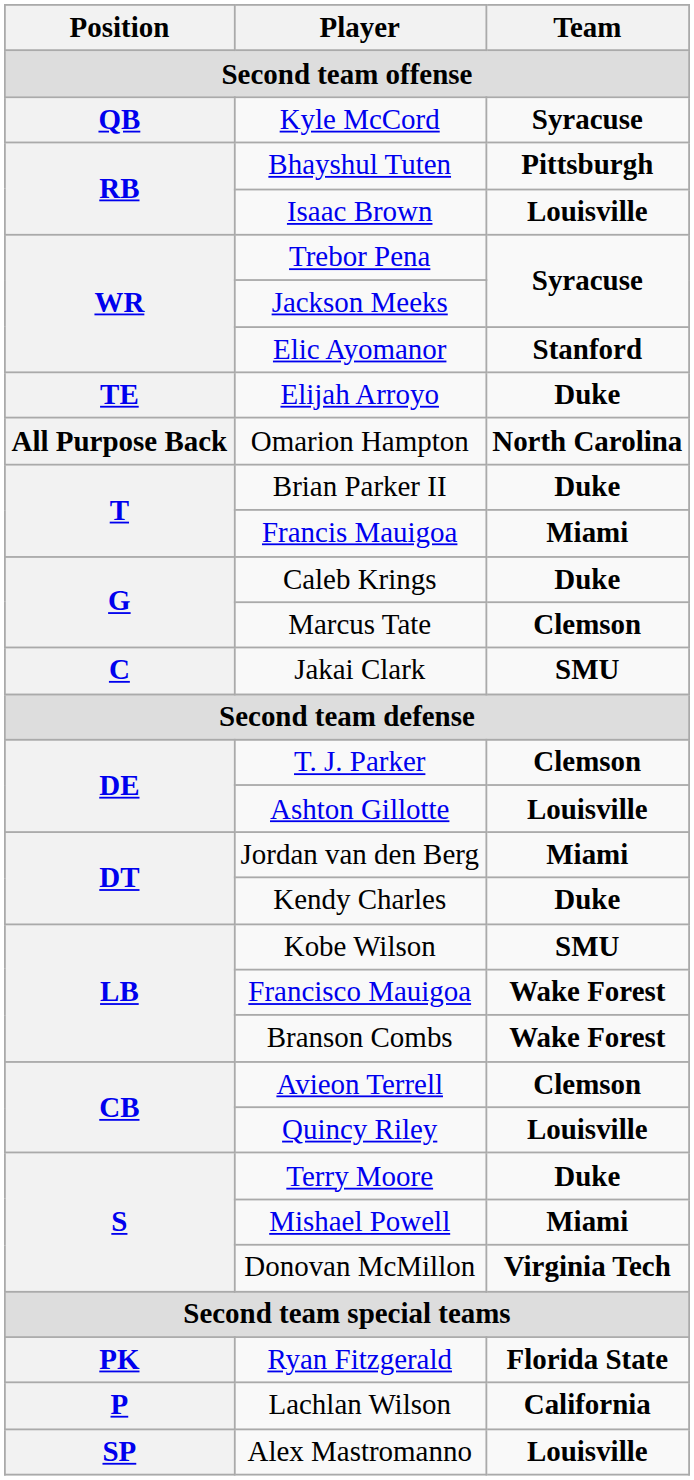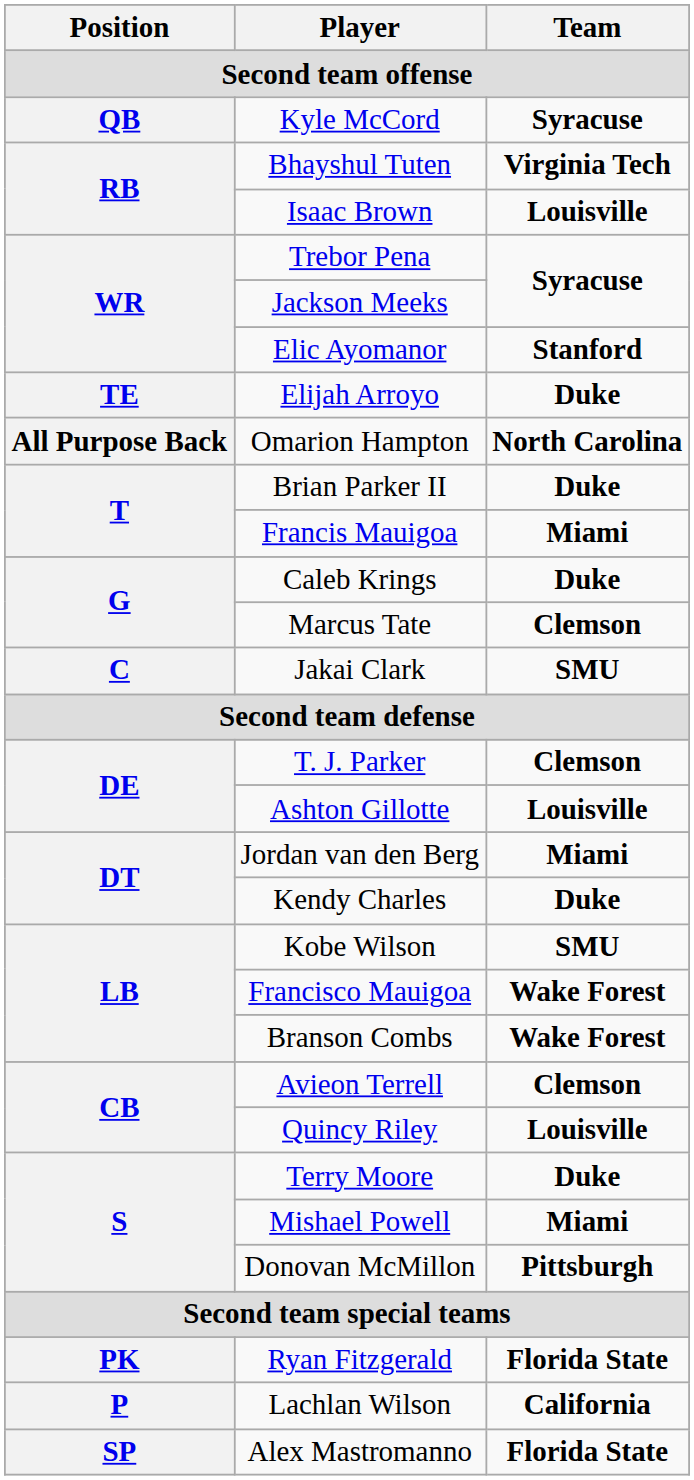 <table class="wikitable">
 <tr>
 <th>Position</th>
 <th>Player</th>
 <th>Team</th>
 </tr>
 <tr>
 <td colspan="4" style="text-align:center; background:#ddd;"><strong>Second team offense</strong></td>
 </tr>
 <tr style="text-align:center;">
 <th rowspan="1"><a href='#'>QB</a></th>
 <td><a href='#'>Kyle McCord</a></td>
 <td><strong>Syracuse</strong></td>
 </tr>
 <tr style="text-align:center;">
 <th rowspan="2"><a href='#'>RB</a></th>
 <td><a href='#'>Bhayshul Tuten</a></td>
-<td><strong>Pittsburgh</strong></td>
+<td><strong>Virginia Tech</strong></td>
 </tr>
 <tr style="text-align:center;">
 <td><a href='#'>Isaac Brown</a></td>
 <td><strong>Louisville</strong></td>
 </tr>
 <tr style="text-align:center;">
 <th rowspan="3"><a href='#'>WR</a></th>
 <td><a href='#'>Trebor Pena</a></td>
 <td rowspan="2"><strong>Syracuse</strong></td>
 </tr>
 <tr style="text-align:center;">
 <td><a href='#'>Jackson Meeks</a></td>
 </tr>
 <tr style="text-align:center;">
 <td><a href='#'>Elic Ayomanor</a></td>
 <td><strong>Stanford</strong></td>
 </tr>
 <tr style="text-align:center;">
 <th rowspan="1"><a href='#'>TE</a></th>
 <td><a href='#'>Elijah Arroyo</a></td>
 <td><strong>Duke</strong></td>
 </tr>
 <tr style="text-align:center;">
 <th rowspan="1">All Purpose Back</th>
 <td>Omarion Hampton</td>
 <td><strong>North Carolina</strong></td>
 </tr>
 <tr style="text-align:center;">
 <th rowspan="2"><a href='#'>T</a></th>
 <td>Brian Parker II</td>
 <td><strong>Duke</strong></td>
 </tr>
 <tr style="text-align:center;">
 <td><a href='#'>Francis Mauigoa</a></td>
 <td><strong>Miami</strong></td>
 </tr>
 <tr style="text-align:center;">
 <th rowspan="2"><a href='#'>G</a></th>
 <td>Caleb Krings</td>
 <td><strong>Duke</strong></td>
 </tr>
 <tr style="text-align:center;">
 <td>Marcus Tate</td>
 <td><strong>Clemson</strong></td>
 </tr>
 <tr style="text-align:center;">
 <th rowspan="1"><a href='#'>C</a></th>
 <td>Jakai Clark</td>
 <td><strong>SMU</strong></td>
 </tr>
 <tr style="text-align:center;">
 <td colspan="4" style="text-align:center; background:#ddd;"><strong>Second team defense</strong></td>
 </tr>
 <tr style="text-align:center;">
 <th rowspan="2"><a href='#'>DE</a></th>
 <td><a href='#'>T. J. Parker</a></td>
 <td><strong>Clemson</strong></td>
 </tr>
 <tr style="text-align:center;">
 <td><a href='#'>Ashton Gillotte</a></td>
 <td><strong>Louisville</strong></td>
 </tr>
 <tr style="text-align:center;">
 <th rowspan="2"><a href='#'>DT</a></th>
 <td>Jordan van den Berg</td>
 <td><strong>Miami</strong></td>
 </tr>
 <tr style="text-align:center;">
 <td>Kendy Charles</td>
 <td><strong>Duke</strong></td>
 </tr>
 <tr style="text-align:center;">
 <th rowspan="3"><a href='#'>LB</a></th>
 <td>Kobe Wilson</td>
 <td><strong>SMU</strong></td>
 </tr>
 <tr style="text-align:center;">
 <td><a href='#'>Francisco Mauigoa</a></td>
 <td><strong>Wake Forest</strong></td>
 </tr>
 <tr style="text-align:center;">
 <td>Branson Combs</td>
 <td><strong>Wake Forest</strong></td>
 </tr>
 <tr style="text-align:center;">
 <th rowspan="2"><a href='#'>CB</a></th>
 <td><a href='#'>Avieon Terrell</a></td>
 <td><strong>Clemson</strong></td>
 </tr>
 <tr style="text-align:center;">
 <td><a href='#'>Quincy Riley</a></td>
 <td><strong>Louisville</strong></td>
 </tr>
 <tr style="text-align:center;">
 <th rowspan="3"><a href='#'>S</a></th>
 <td><a href='#'>Terry Moore</a></td>
 <td><strong>Duke</strong></td>
 </tr>
 <tr style="text-align:center;">
 <td><a href='#'>Mishael Powell</a></td>
 <td><strong>Miami</strong></td>
 </tr>
 <tr style="text-align:center;">
 <td>Donovan McMillon</td>
-<td><strong>Virginia Tech</strong></td>
+<td><strong>Pittsburgh</strong></td>
 </tr>
 <tr>
 <td colspan="4" style="text-align:center; background:#ddd;"><strong>Second team special teams</strong></td>
 </tr>
 <tr style="text-align:center;">
 <th rowspan="1"><a href='#'>PK</a></th>
 <td><a href='#'>Ryan Fitzgerald</a></td>
 <td><strong>Florida State</strong></td>
 </tr>
 <tr style="text-align:center;">
 <th rowspan="1"><a href='#'>P</a></th>
 <td>Lachlan Wilson</td>
 <td><strong>California</strong></td>
 </tr>
 <tr style="text-align:center;">
 <th rowspan="1"><a href='#'>SP</a></th>
 <td>Alex Mastromanno</td>
-<td><strong>Louisville</strong></td>
+<td><strong>Florida State</strong></td>
 </tr>
 </table>
